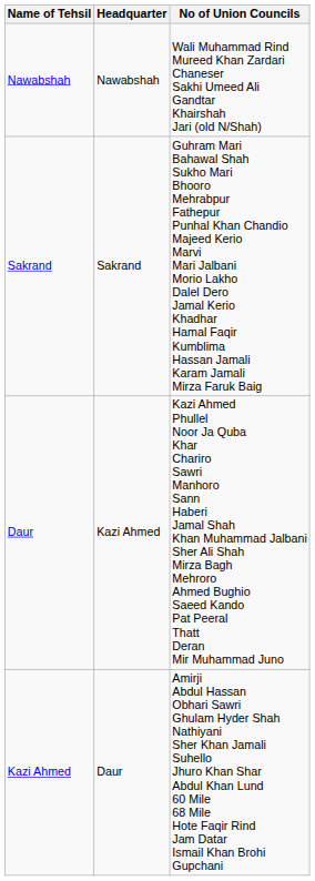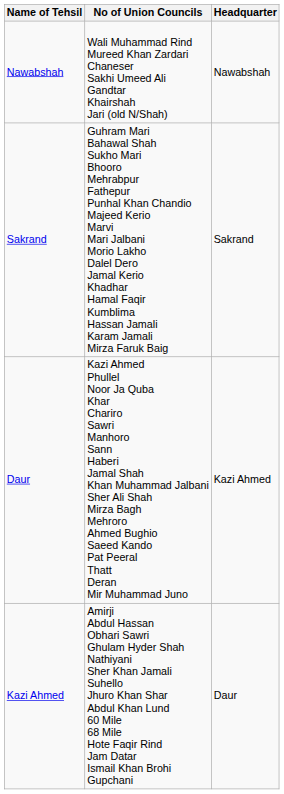 <table class="wikitable sortable">
 <tr>
 <th>Name of Tehsil</th>
+<th>No of Union Councils</th>
 <th>Headquarter</th>
-<th>No of Union Councils</th>
 </tr>
 <tr>
 <td><a href='#'>Nawabshah</a></td>
+<td><br>Wali Muhammad Rind<br>Mureed Khan Zardari<br>Chaneser<br>Sakhi Umeed Ali<br>Gandtar<br>Khairshah<br>Jari (old N/Shah)</td>
 <td>Nawabshah</td>
-<td><br>Wali Muhammad Rind<br>Mureed Khan Zardari<br>Chaneser<br>Sakhi Umeed Ali<br>Gandtar<br>Khairshah<br>Jari (old N/Shah)</td>
 </tr>
 <tr>
 <td><a href='#'>Sakrand</a></td>
+<td>Guhram Mari<br>Bahawal Shah<br>Sukho Mari<br>Bhooro<br>Mehrabpur<br>Fathepur<br>Punhal Khan Chandio<br>Majeed Kerio<br>Marvi<br>Mari Jalbani<br>Morio Lakho<br>Dalel Dero<br>Jamal Kerio<br>Khadhar<br>Hamal Faqir<br>Kumblima<br>Hassan Jamali<br>Karam Jamali<br>Mirza Faruk Baig</td>
 <td>Sakrand</td>
-<td>Guhram Mari<br>Bahawal Shah<br>Sukho Mari<br>Bhooro<br>Mehrabpur<br>Fathepur<br>Punhal Khan Chandio<br>Majeed Kerio<br>Marvi<br>Mari Jalbani<br>Morio Lakho<br>Dalel Dero<br>Jamal Kerio<br>Khadhar<br>Hamal Faqir<br>Kumblima<br>Hassan Jamali<br>Karam Jamali<br>Mirza Faruk Baig</td>
 </tr>
 <tr>
 <td><a href='#'>Daur</a></td>
+<td>Kazi Ahmed<br>Phullel<br>Noor Ja Quba<br>Khar<br>Chariro<br>Sawri<br>Manhoro<br>Sann<br>Haberi<br>Jamal Shah<br>Khan Muhammad Jalbani<br>Sher Ali Shah<br>Mirza Bagh<br>Mehroro<br>Ahmed Bughio<br>Saeed Kando<br>Pat Peeral<br>Thatt<br>Deran<br>Mir Muhammad Juno</td>
 <td>Kazi Ahmed</td>
-<td>Kazi Ahmed<br>Phullel<br>Noor Ja Quba<br>Khar<br>Chariro<br>Sawri<br>Manhoro<br>Sann<br>Haberi<br>Jamal Shah<br>Khan Muhammad Jalbani<br>Sher Ali Shah<br>Mirza Bagh<br>Mehroro<br>Ahmed Bughio<br>Saeed Kando<br>Pat Peeral<br>Thatt<br>Deran<br>Mir Muhammad Juno</td>
 </tr>
 <tr>
 <td><a href='#'>Kazi Ahmed</a></td>
+<td>Amirji<br>Abdul Hassan<br>Obhari Sawri<br>Ghulam Hyder Shah<br>Nathiyani<br>Sher Khan Jamali<br>Suhello<br>Jhuro Khan Shar<br>Abdul Khan Lund<br>60 Mile<br>68 Mile<br>Hote Faqir Rind<br>Jam Datar<br>Ismail Khan Brohi<br>Gupchani</td>
 <td>Daur</td>
-<td>Amirji<br>Abdul Hassan<br>Obhari Sawri<br>Ghulam Hyder Shah<br>Nathiyani<br>Sher Khan Jamali<br>Suhello<br>Jhuro Khan Shar<br>Abdul Khan Lund<br>60 Mile<br>68 Mile<br>Hote Faqir Rind<br>Jam Datar<br>Ismail Khan Brohi<br>Gupchani</td>
 </tr>
 </table>
